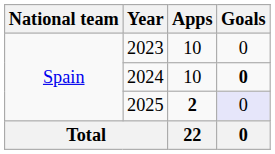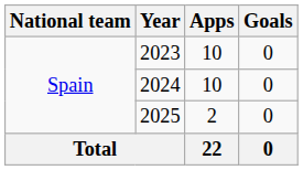 <table class="wikitable" style="text-align:center">
 <tr>
 <th>National team</th>
 <th>Year</th>
 <th>Apps</th>
 <th>Goals</th>
 </tr>
 <tr>
 <td rowspan="3"><a href='#'>Spain</a></td>
 <td>2023</td>
 <td>10</td>
 <td>0</td>
 </tr>
 <tr>
 <td>2024</td>
 <td>10</td>
-<td><strong>0</strong></td>
+<td>0</td>
 </tr>
 <tr>
 <td>2025</td>
-<td><strong>2</strong></td>
-<td style="background: lavender;">0</td>
+<td>2</td>
+<td>0</td>
 </tr>
 <tr>
 <th colspan="2">Total</th>
 <th>22</th>
 <th>0</th>
 </tr>
 </table>
